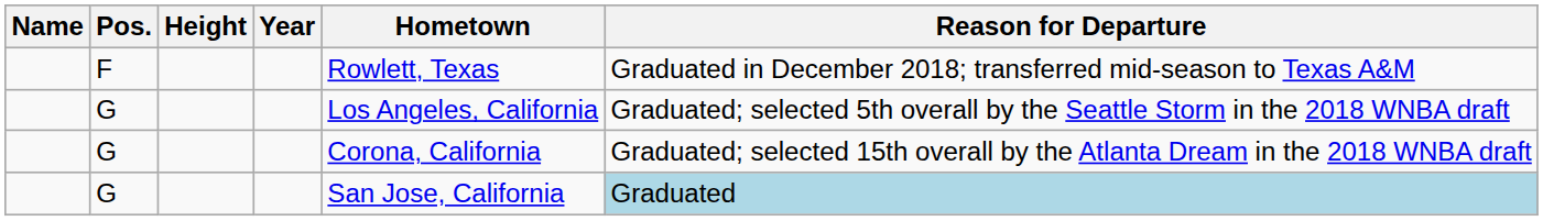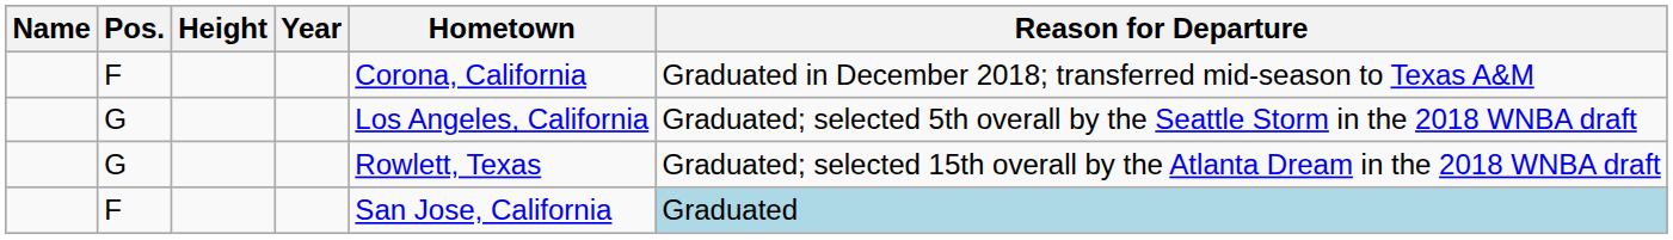 <table class="wikitable sortable" style="font-size:90%;" border="1">
 <tr>
 <th>Name</th>
 <th>Pos.</th>
 <th>Height</th>
 <th>Year</th>
 <th>Hometown</th>
 <th ! class="unsortable">Reason for Departure</th>
 </tr>
 <tr>
 <td></td>
 <td>F</td>
 <td></td>
 <td></td>
-<td><a href='#'>Rowlett, Texas</a></td>
+<td><a href='#'>Corona, California</a></td>
 <td>Graduated in December 2018; transferred mid-season to <a href='#'>Texas A&M</a></td>
 </tr>
 <tr>
 <td></td>
 <td>G</td>
 <td></td>
 <td></td>
 <td><a href='#'>Los Angeles, California</a></td>
 <td>Graduated; selected 5th overall by the <a href='#'>Seattle Storm</a> in the <a href='#'>2018 WNBA draft</a></td>
 </tr>
 <tr>
 <td></td>
 <td>G</td>
 <td></td>
 <td></td>
-<td><a href='#'>Corona, California</a></td>
+<td><a href='#'>Rowlett, Texas</a></td>
 <td>Graduated; selected 15th overall by the <a href='#'>Atlanta Dream</a> in the <a href='#'>2018 WNBA draft</a></td>
 </tr>
 <tr>
 <td></td>
-<td>G</td>
+<td>F</td>
 <td></td>
 <td></td>
 <td><a href='#'>San Jose, California</a></td>
 <td style="background: lightblue;">Graduated</td>
 </tr>
 </table>
